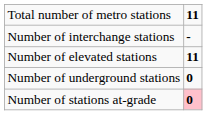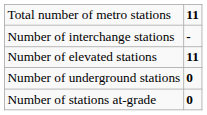 <table class="wikitable">
 <tr>
 <td>Total number of metro stations</td>
 <td><strong>11</strong></td>
 </tr>
 <tr>
 <td>Number of interchange stations</td>
 <td><strong>-</strong></td>
 </tr>
 <tr>
 <td>Number of elevated stations</td>
 <td><strong>11</strong></td>
 </tr>
 <tr>
 <td>Number of underground stations</td>
 <td><strong>0</strong></td>
 </tr>
 <tr>
 <td>Number of stations at-grade</td>
-<td style="background: pink;"><strong>0</strong></td>
+<td><strong>0</strong></td>
 </tr>
 </table>
